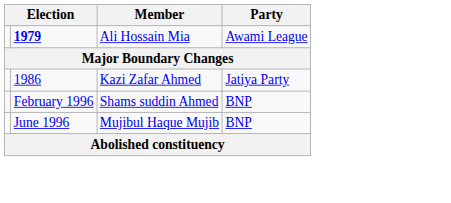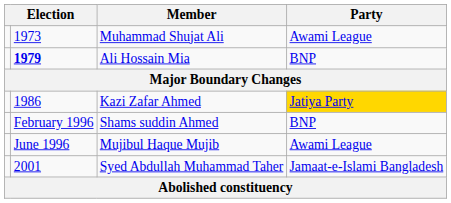 <table class="wikitable">
 <tr>
 <th colspan="2">Election</th>
 <th>Member</th>
 <th>Party</th>
 </tr>
 <tr>
 <td style="background-color:"></td>
+<td><a href='#'>1973</a></td>
+<td><a href='#'>Muhammad Shujat Ali</a></td>
+<td><a href='#'>Awami League</a></td>
+</tr>
+<tr>
+<td style="background-color:"></td>
 <td><strong><a href='#'>1979</a></strong></td>
 <td><a href='#'>Ali Hossain Mia</a></td>
-<td><a href='#'>Awami League</a></td>
+<td><a href='#'>BNP</a></td>
 </tr>
 <tr>
 <th colspan="4">Major Boundary Changes</th>
 </tr>
 <tr>
 <td style="background-color:"></td>
 <td><a href='#'>1986</a></td>
 <td><a href='#'>Kazi Zafar Ahmed</a></td>
-<td><a href='#'>Jatiya Party</a></td>
+<td style="background: gold;"><a href='#'>Jatiya Party</a></td>
 </tr>
 <tr>
 <td style="background-color:"></td>
 <td><a href='#'>February 1996</a></td>
 <td><a href='#'>Shams suddin Ahmed</a></td>
 <td><a href='#'>BNP</a></td>
 </tr>
 <tr>
 <td style="background-color:"></td>
 <td><a href='#'>June 1996</a></td>
 <td><a href='#'>Mujibul Haque Mujib</a></td>
-<td><a href='#'>BNP</a></td>
+<td><a href='#'>Awami League</a></td>
+</tr>
+<tr>
+<td style="background-color:"></td>
+<td><a href='#'>2001</a></td>
+<td><a href='#'>Syed Abdullah Muhammad Taher</a></td>
+<td><a href='#'>Jamaat-e-Islami Bangladesh</a></td>
 </tr>
 <tr>
 <th colspan="4">Abolished constituency</th>
 </tr>
 </table>
